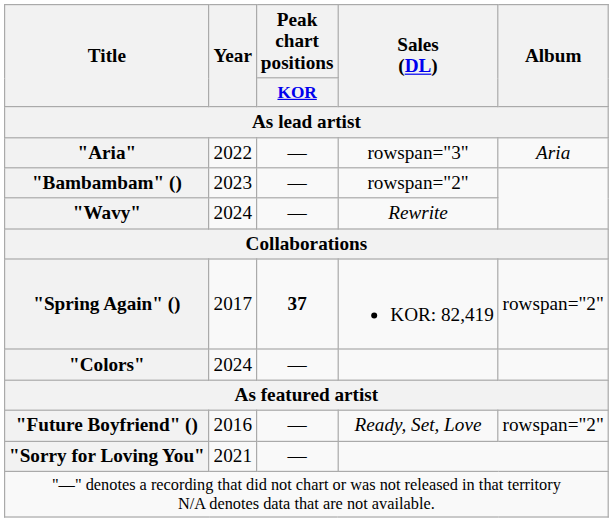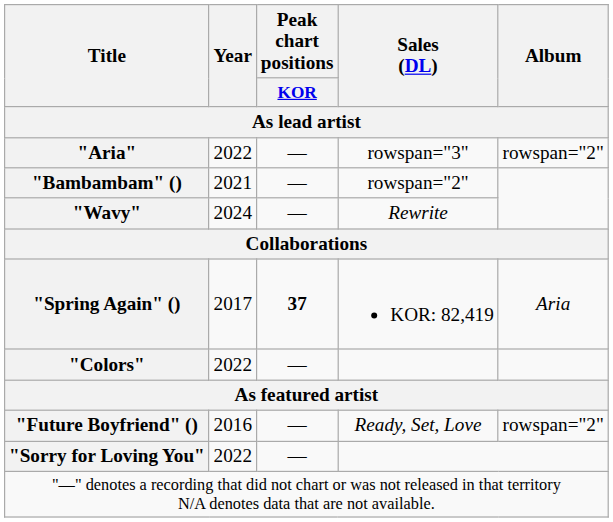 <table class="wikitable plainrowheaders" style="text-align:center">
 <tr>
 <th scope="col" rowspan="2">Title</th>
 <th scope="col" rowspan="2">Year</th>
 <th scope="col">Peak chart positions</th>
 <th scope="col" rowspan="2">Sales<br>(<a href='#'>DL</a>)</th>
 <th scope="col" rowspan="2">Album</th>
 </tr>
 <tr>
 <th scope="col" style="width:3em;font-size:90%"><a href='#'>KOR</a><br></th>
 </tr>
 <tr>
 <th scope="col" colspan="5">As lead artist</th>
 </tr>
 <tr>
 <th scope="row">"Aria"</th>
 <td>2022</td>
 <td>—</td>
 <td>rowspan="3" </td>
-<td><em>Aria</em></td>
+<td>rowspan="2" </td>
 </tr>
 <tr>
 <th scope="row">"Bambambam" ()</th>
-<td>2023</td>
+<td>2021</td>
 <td>—</td>
 <td>rowspan="2" </td>
 </tr>
 <tr>
 <th scope="row">"Wavy"</th>
 <td>2024</td>
 <td>—</td>
 <td><em>Rewrite</em></td>
 </tr>
 <tr>
 <th scope="col" colspan="5">Collaborations</th>
 </tr>
 <tr>
 <th scope="row">"Spring Again" ()<br></th>
 <td>2017</td>
 <td><strong>37</strong></td>
 <td><br><ul><li>KOR: 82,419</li></ul></td>
-<td>rowspan="2" </td>
+<td><em>Aria</em></td>
 </tr>
 <tr>
 <th scope="row">"Colors"<br></th>
-<td>2024</td>
+<td>2022</td>
 <td>—</td>
 <td></td>
 </tr>
 <tr>
 <th scope="col" colspan="5">As featured artist</th>
 </tr>
 <tr>
 <th scope="row">"Future Boyfriend" ()<br></th>
 <td>2016</td>
 <td>—</td>
 <td><em>Ready, Set, Love</em></td>
 <td>rowspan="2" </td>
 </tr>
 <tr>
 <th scope="row">"Sorry for Loving You"<br></th>
-<td>2021</td>
+<td>2022</td>
 <td>—</td>
 </tr>
 <tr>
 <td colspan="5" style="font-size:85%">"—" denotes a recording that did not chart or was not released in that territory<br>N/A denotes data that are not available.</td>
 </tr>
 </table>
